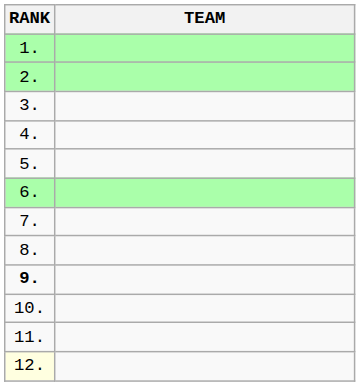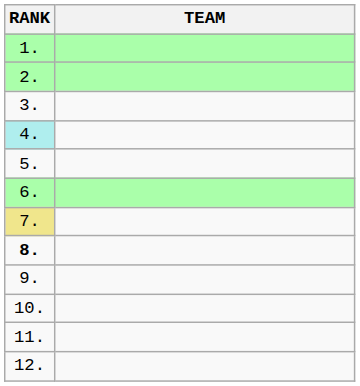 <table class="wikitable" style="border-collapse: collapse; font-size: 90%;">
 <tr>
 <th>RANK</th>
 <th align="left" style="width: 17em">TEAM</th>
 </tr>
 <tr bgcolor=#AAFFAA>
 <td align="center">1.</td>
 <td></td>
 </tr>
 <tr bgcolor=#AAFFAA>
 <td align="center">2.</td>
 <td></td>
 </tr>
 <tr>
 <td align="center">3.</td>
 <td></td>
 </tr>
 <tr>
-<td align="center">4.</td>
+<td align="center" style="background: paleturquoise;">4.</td>
 <td></td>
 </tr>
 <tr>
 <td align="center">5.</td>
 <td></td>
 </tr>
 <tr bgcolor=#AAFFAA>
 <td align="center">6.</td>
 <td></td>
 </tr>
 <tr>
-<td align="center">7.</td>
+<td align="center" style="background: khaki;">7.</td>
 <td></td>
 </tr>
 <tr>
-<td align="center">8.</td>
+<td align="center"><strong>8.</strong></td>
 <td></td>
 </tr>
 <tr>
-<td align="center"><strong>9.</strong></td>
+<td align="center">9.</td>
 <td></td>
 </tr>
 <tr>
 <td align="center">10.</td>
 <td></td>
 </tr>
 <tr>
 <td align="center">11.</td>
 <td></td>
 </tr>
 <tr>
-<td align="center" style="background: lightyellow;">12.</td>
+<td align="center">12.</td>
 <td></td>
 </tr>
 </table>
